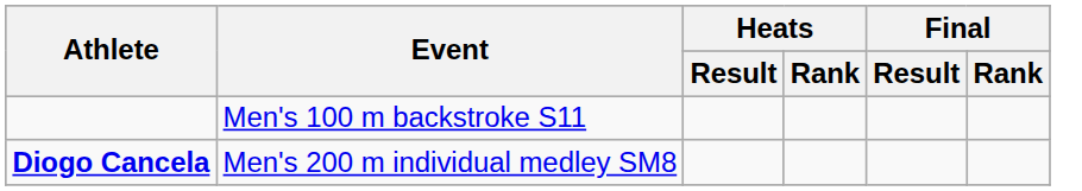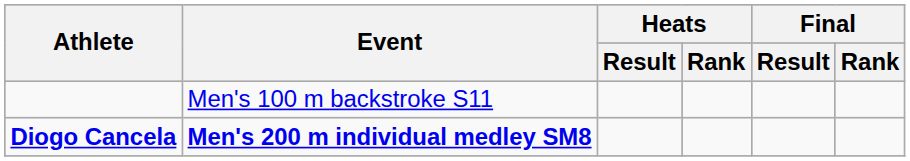 <table class=wikitable style="font-size:90%">
 <tr>
 <th rowspan="2">Athlete</th>
 <th rowspan="2">Event</th>
 <th colspan="2">Heats</th>
 <th colspan="2">Final</th>
 </tr>
 <tr>
 <th>Result</th>
 <th>Rank</th>
 <th>Result</th>
 <th>Rank</th>
 </tr>
 <tr align=center>
 <td align=left> </td>
 <td align=left><a href='#'>Men's 100 m backstroke S11</a></td>
 <td></td>
 <td></td>
 <td></td>
 <td></td>
 </tr>
 <tr align=center>
 <td align=left><strong><a href='#'>Diogo Cancela</a></strong></td>
-<td align=left><a href='#'>Men's 200 m individual medley SM8</a></td>
+<td align=left><strong><a href='#'>Men's 200 m individual medley SM8</a></strong></td>
 <td></td>
 <td></td>
 <td></td>
 <td></td>
 </tr>
 </table>
